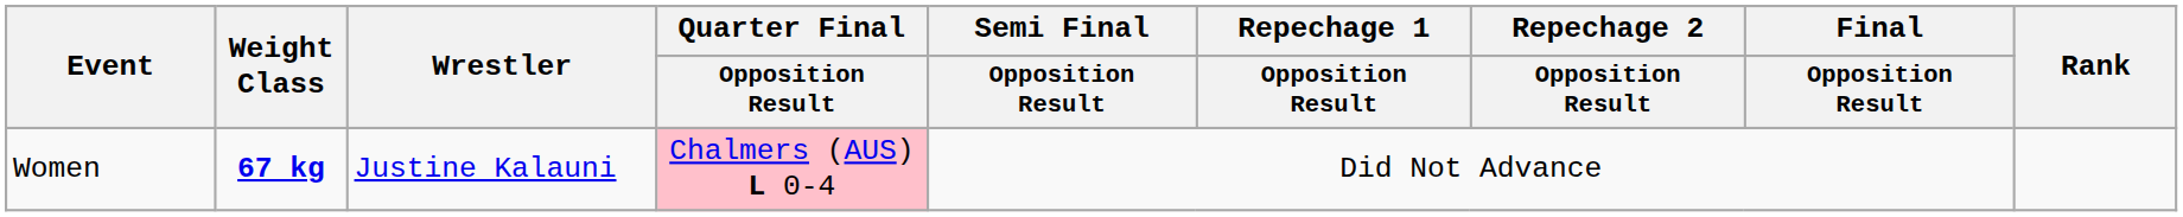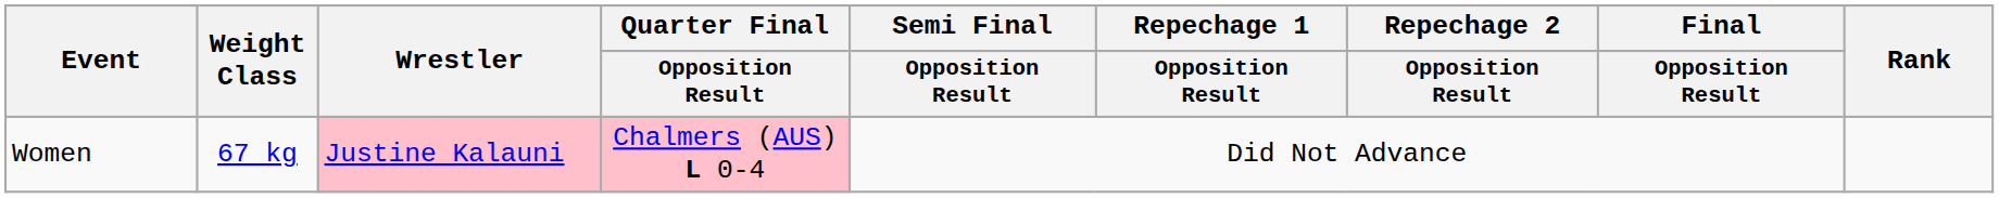 <table class="wikitable" style="font-size:90%">
 <tr>
 <th rowspan="2" style="width:100px;">Event</th>
 <th rowspan="2" style="width:50px;">Weight<br>Class</th>
 <th rowspan="2" style="width:150px;">Wrestler</th>
 <th width=125>Quarter Final</th>
 <th width=125>Semi Final</th>
 <th width=125>Repechage 1</th>
 <th width=125>Repechage 2</th>
 <th width=125>Final</th>
 <th rowspan="2" style="width:75px;">Rank</th>
 </tr>
 <tr>
 <th style="line-height:1em"><small>Opposition<br>Result</small></th>
 <th style="line-height:1em"><small>Opposition<br>Result</small></th>
 <th style="line-height:1em"><small>Opposition<br>Result</small></th>
 <th style="line-height:1em"><small>Opposition<br>Result</small></th>
 <th style="line-height:1em"><small>Opposition<br>Result</small></th>
 </tr>
 <tr>
 <td>Women</td>
-<td style="text-align:center;"><strong><a href='#'>67 kg</a></strong></td>
-<td><a href='#'>Justine Kalauni</a></td>
+<td style="text-align:center;"><a href='#'>67 kg</a></td>
+<td style="background: pink;"><a href='#'>Justine Kalauni</a></td>
 <td style="text-align:center; background:pink;"><a href='#'>Chalmers</a> (<a href='#'>AUS</a>)<br><strong>L</strong> 0-4</td>
 <td colspan="4" style="text-align:center; background:;">Did Not Advance</td>
 <td style="text-align:center; background:;"></td>
 </tr>
 </table>
